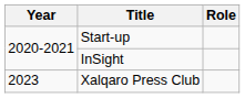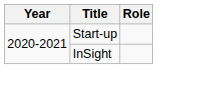 <table class="wikitable sortable">
 <tr>
 <th>Year</th>
 <th>Title</th>
 <th>Role</th>
 </tr>
 <tr>
 <td rowspan="2">2020-2021</td>
 <td>Start-up</td>
 <td></td>
 </tr>
 <tr>
 <td>InSight</td>
 <td></td>
 </tr>
-<tr>
-<td>2023</td>
-<td>Xalqaro Press Club</td>
-<td></td>
-</tr>
 </table>
